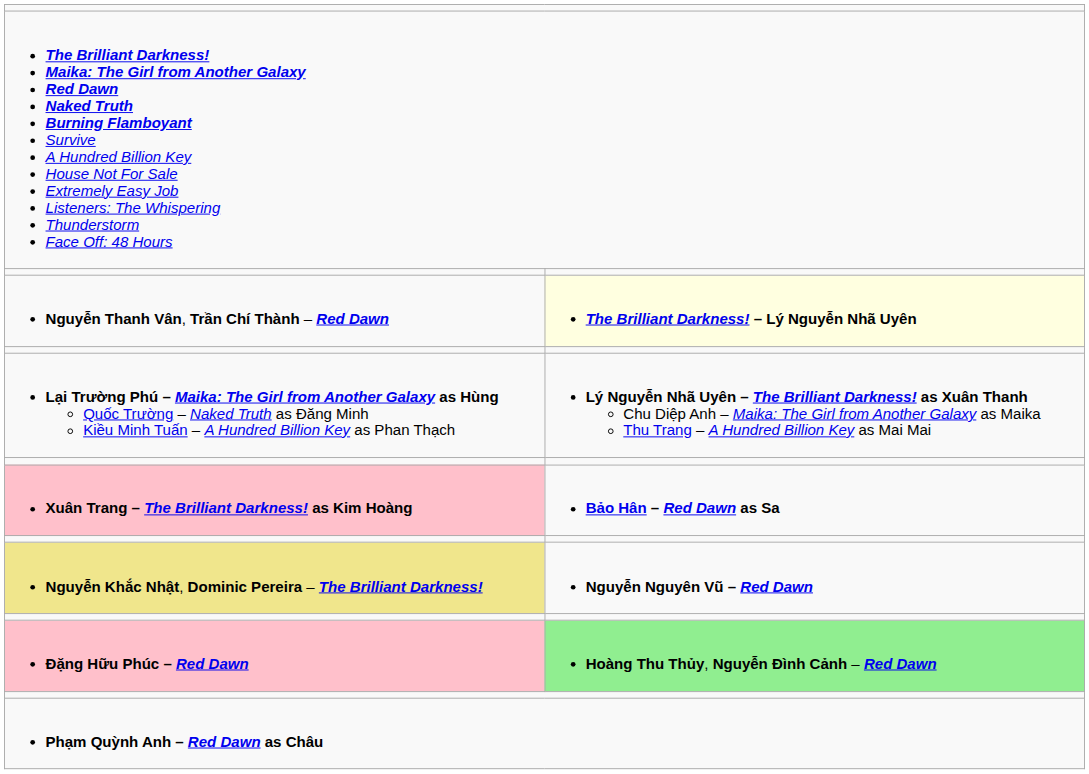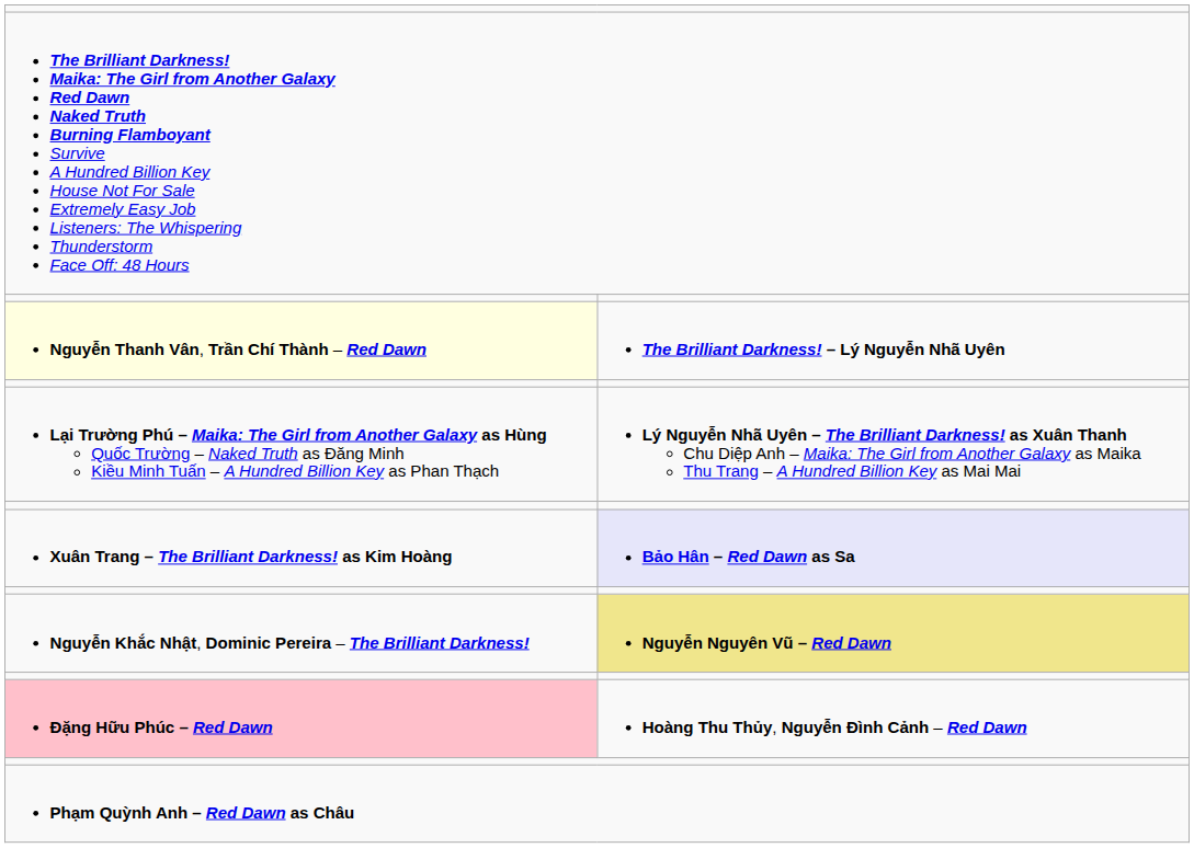 <table class="wikitable" align="center" style="width:91%;">
 <tr>
 <td colspan="2" style="vertical-align:top; width:100%;"></td>
 </tr>
 <tr>
 <td colspan="2" valign="top"><br><ul><li><strong><em><span><a href='#'>The Brilliant Darkness!</a></span></em></strong> </li><li><strong><em><span><a href='#'>Maika: The Girl from Another Galaxy</a></span></em></strong> </li><li><strong><em><span><a href='#'>Red Dawn</a></span></em></strong> </li><li><strong><em><span><a href='#'>Naked Truth</a></span></em></strong> </li><li><strong><em><span><a href='#'>Burning Flamboyant</a></span></em></strong> </li><li><em><a href='#'>Survive</a></em></li><li><em><a href='#'>A Hundred Billion Key</a></em></li><li><em><a href='#'>House Not For Sale</a></em></li><li><em><a href='#'>Extremely Easy Job</a></em></li><li><em><a href='#'>Listeners: The Whispering</a></em></li><li><em><a href='#'>Thunderstorm</a></em></li><li><em><a href='#'>Face Off: 48 Hours</a></em></li></ul></td>
 </tr>
 <tr>
 <td style="vertical-align:top; width:50%;"></td>
 <td style="vertical-align:top; width:50%;"></td>
 </tr>
 <tr>
-<td valign="top"><br><ul><li><strong>Nguyễn Thanh Vân</strong>, <strong>Trần Chí Thành</strong> – <strong><em><a href='#'>Red Dawn</a></em></strong></li></ul></td>
-<td valign="top" style="background: lightyellow;"><br><ul><li><strong> <em><a href='#'>The Brilliant Darkness!</a></em> – Lý Nguyễn Nhã Uyên </strong></li></ul></td>
+<td valign="top" style="background: lightyellow;"><br><ul><li><strong>Nguyễn Thanh Vân</strong>, <strong>Trần Chí Thành</strong> – <strong><em><a href='#'>Red Dawn</a></em></strong></li></ul></td>
+<td valign="top"><br><ul><li><strong> <em><a href='#'>The Brilliant Darkness!</a></em> – Lý Nguyễn Nhã Uyên </strong></li></ul></td>
 </tr>
 <tr>
 <td style="vertical-align:top; width:50%;"></td>
 <td style="vertical-align:top; width:50%;"></td>
 </tr>
 <tr>
 <td valign="top"><br><ul><li><strong>Lại Trường Phú – <em><a href='#'>Maika: The Girl from Another Galaxy</a></em> as Hùng </strong><ul><li><a href='#'>Quốc Trường</a> – <em><a href='#'>Naked Truth</a></em> as Đăng Minh</li><li><a href='#'>Kiều Minh Tuấn</a> – <em><a href='#'>A Hundred Billion Key</a></em> as Phan Thạch</li></ul></li></ul></td>
 <td valign="top"><br><ul><li><strong>Lý Nguyễn Nhã Uyên – <em><a href='#'>The Brilliant Darkness!</a></em> as Xuân Thanh </strong><ul><li>Chu Diệp Anh – <em><a href='#'>Maika: The Girl from Another Galaxy</a></em> as Maika</li><li><a href='#'>Thu Trang</a> – <em><a href='#'>A Hundred Billion Key</a></em> as Mai Mai</li></ul></li></ul></td>
 </tr>
 <tr>
 <td style="vertical-align:top; width:50%;"></td>
 <td style="vertical-align:top; width:50%;"></td>
 </tr>
 <tr>
-<td valign="top" style="background: pink;"><br><ul><li><strong>Xuân Trang – <em><a href='#'>The Brilliant Darkness!</a></em> as Kim Hoàng </strong></li></ul></td>
-<td valign="top"><br><ul><li><strong><a href='#'>Bảo Hân</a> – <em><a href='#'>Red Dawn</a></em> as Sa </strong></li></ul></td>
+<td valign="top"><br><ul><li><strong>Xuân Trang – <em><a href='#'>The Brilliant Darkness!</a></em> as Kim Hoàng </strong></li></ul></td>
+<td valign="top" style="background: lavender;"><br><ul><li><strong><a href='#'>Bảo Hân</a> – <em><a href='#'>Red Dawn</a></em> as Sa </strong></li></ul></td>
 </tr>
 <tr>
 <td style="vertical-align:top; width:50%;"></td>
 <td style="vertical-align:top; width:50%;"></td>
 </tr>
 <tr>
-<td valign="top" style="background: khaki;"><br><ul><li><strong>Nguyễn Khắc Nhật</strong>, <strong>Dominic Pereira</strong> – <strong><em><a href='#'>The Brilliant Darkness!</a></em></strong></li></ul></td>
-<td valign="top"><br><ul><li><strong>Nguyễn Nguyên Vũ – <em><a href='#'>Red Dawn</a></em> </strong></li></ul></td>
+<td valign="top"><br><ul><li><strong>Nguyễn Khắc Nhật</strong>, <strong>Dominic Pereira</strong> – <strong><em><a href='#'>The Brilliant Darkness!</a></em></strong></li></ul></td>
+<td valign="top" style="background: khaki;"><br><ul><li><strong>Nguyễn Nguyên Vũ – <em><a href='#'>Red Dawn</a></em> </strong></li></ul></td>
 </tr>
 <tr>
 <td style="vertical-align:top; width:50%;"></td>
 <td style="vertical-align:top; width:50%;"></td>
 </tr>
 <tr>
 <td valign="top" style="background: pink;"><br><ul><li><strong>Đặng Hữu Phúc – <em><a href='#'>Red Dawn</a></em> </strong></li></ul></td>
-<td valign="top" style="background: lightgreen;"><br><ul><li><strong>Hoàng Thu Thủy</strong>, <strong>Nguyễn Đình Cảnh</strong> – <strong><em><a href='#'>Red Dawn</a></em></strong></li></ul></td>
+<td valign="top"><br><ul><li><strong>Hoàng Thu Thủy</strong>, <strong>Nguyễn Đình Cảnh</strong> – <strong><em><a href='#'>Red Dawn</a></em></strong></li></ul></td>
 </tr>
 <tr>
 <td colspan="2" style="vertical-align:top; width:100%;"></td>
 </tr>
 <tr>
 <td colspan="2" valign="top"><br><ul><li><strong>Phạm Quỳnh Anh – <em><a href='#'>Red Dawn</a></em> as Châu </strong></li></ul></td>
 </tr>
 </table>
